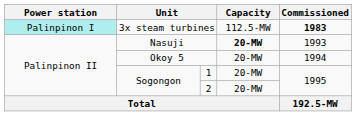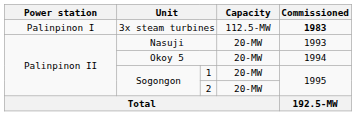 <table class="wikitable" style="text-align: center;">
 <tr>
 <th class="unsortable" width=150px>Power station</th>
 <th colspan=2 width=50px>Unit</th>
 <th width=80px>Capacity</th>
 <th width=50px>Commissioned</th>
 </tr>
 <tr>
-<td style="background: paleturquoise;">Palinpinon I</td>
+<td>Palinpinon I</td>
 <td colspan=2>3x steam turbines</td>
 <td>112.5-MW<br></td>
 <td><strong>1983</strong></td>
 </tr>
 <tr>
 <td rowspan=4>Palinpinon II</td>
 <td colspan=2>Nasuji</td>
-<td><strong>20-MW</strong></td>
+<td>20-MW</td>
 <td>1993</td>
 </tr>
 <tr>
 <td colspan=2>Okoy 5</td>
 <td>20-MW</td>
 <td>1994</td>
 </tr>
 <tr>
 <td rowspan=2>Sogongon</td>
 <td>1</td>
 <td>20-MW</td>
 <td rowspan=2>1995</td>
 </tr>
 <tr>
 <td>2</td>
 <td>20-MW</td>
 </tr>
 <tr>
 <th colspan=4>Total</th>
 <th>192.5-MW</th>
 </tr>
 </table>
